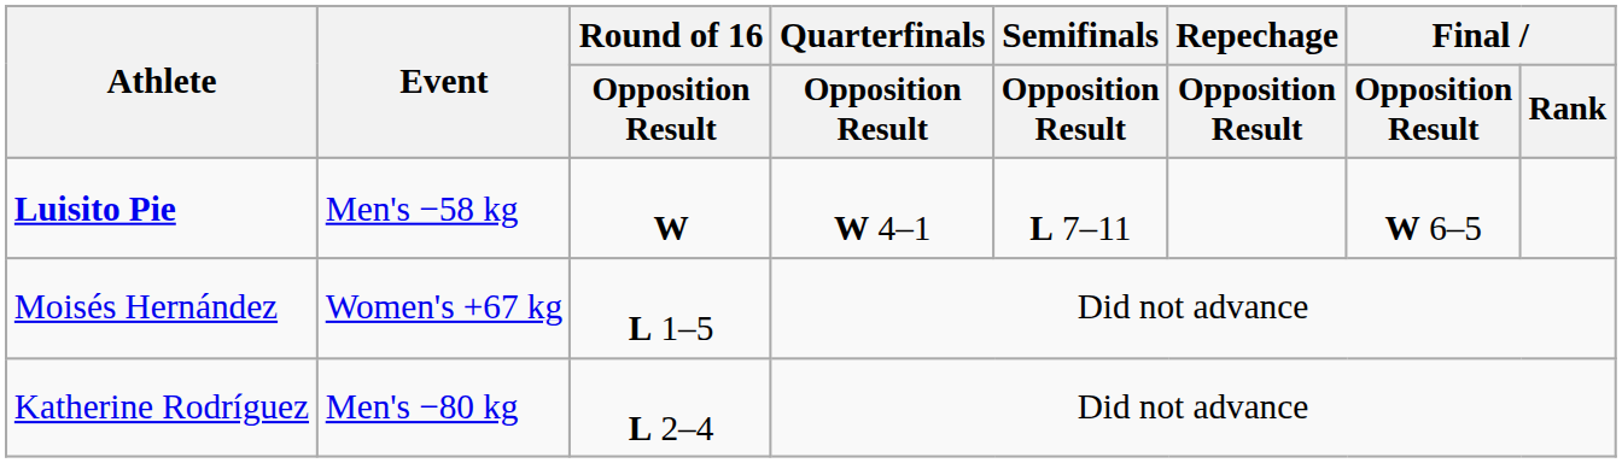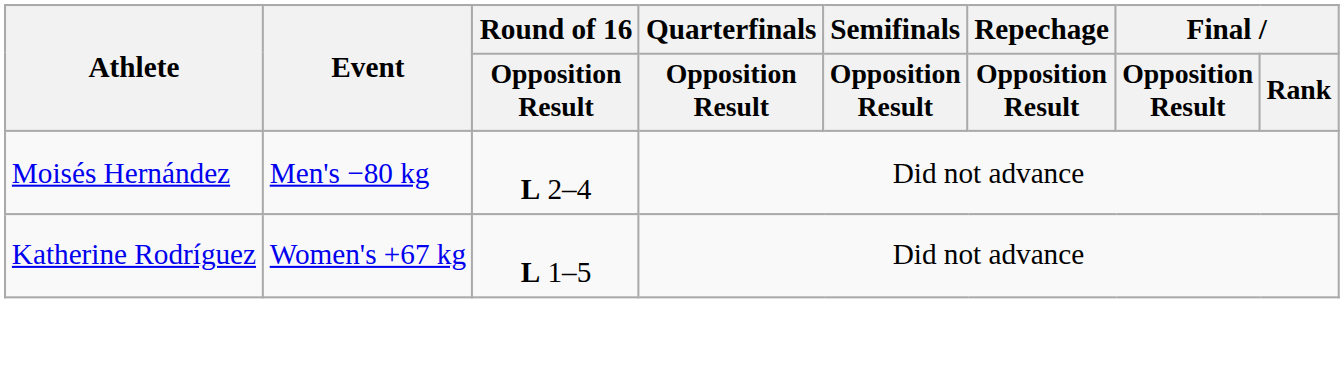 <table class="wikitable" style="font-size:90%;">
 <tr>
 <th rowspan=2>Athlete</th>
 <th rowspan=2>Event</th>
 <th>Round of 16</th>
 <th>Quarterfinals</th>
 <th>Semifinals</th>
 <th>Repechage</th>
 <th colspan=2>Final / </th>
 </tr>
 <tr style="font-size:95%">
 <th>Opposition<br>Result</th>
 <th>Opposition<br>Result</th>
 <th>Opposition<br>Result</th>
 <th>Opposition<br>Result</th>
 <th>Opposition<br>Result</th>
 <th>Rank</th>
 </tr>
 <tr align=center>
-<td align=left><strong><a href='#'>Luisito Pie</a></strong></td>
-<td align=left><a href='#'>Men's −58 kg</a></td>
-<td><br><strong>W</strong> </td>
-<td><br><strong>W</strong> 4–1</td>
-<td><br><strong>L</strong> 7–11</td>
-<td></td>
-<td><br><strong>W</strong> 6–5 </td>
-<td></td>
+<td align=left><a href='#'>Moisés Hernández</a></td>
+<td align=left><a href='#'>Men's −80 kg</a></td>
+<td><br><strong>L</strong> 2–4</td>
+<td colspan=5>Did not advance</td>
 </tr>
 <tr align=center>
-<td align=left><a href='#'>Moisés Hernández</a></td>
+<td align=left><a href='#'>Katherine Rodríguez</a></td>
 <td align=left><a href='#'>Women's +67 kg</a></td>
 <td><br><strong>L</strong> 1–5</td>
 <td colspan=5>Did not advance</td>
 </tr>
-<tr align=center>
-<td align=left><a href='#'>Katherine Rodríguez</a></td>
-<td align=left><a href='#'>Men's −80 kg</a></td>
-<td><br><strong>L</strong> 2–4</td>
-<td colspan=5>Did not advance</td>
-</tr>
 </table>
